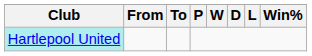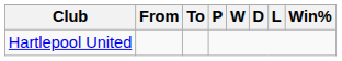 <table class="wikitable sortable" style="text-align: center">
 <tr>
 </tr>
 <tr>
 <th>Club</th>
 <th>From</th>
 <th class="unsortable">To</th>
 <th>P</th>
 <th>W</th>
 <th>D</th>
 <th>L</th>
 <th>Win%</th>
 </tr>
 <tr>
-<td align=left style="background: paleturquoise;"><a href='#'>Hartlepool United</a></td>
+<td align=left><a href='#'>Hartlepool United</a></td>
 <td></td>
 <td><br></td>
 </tr>
 </table>
